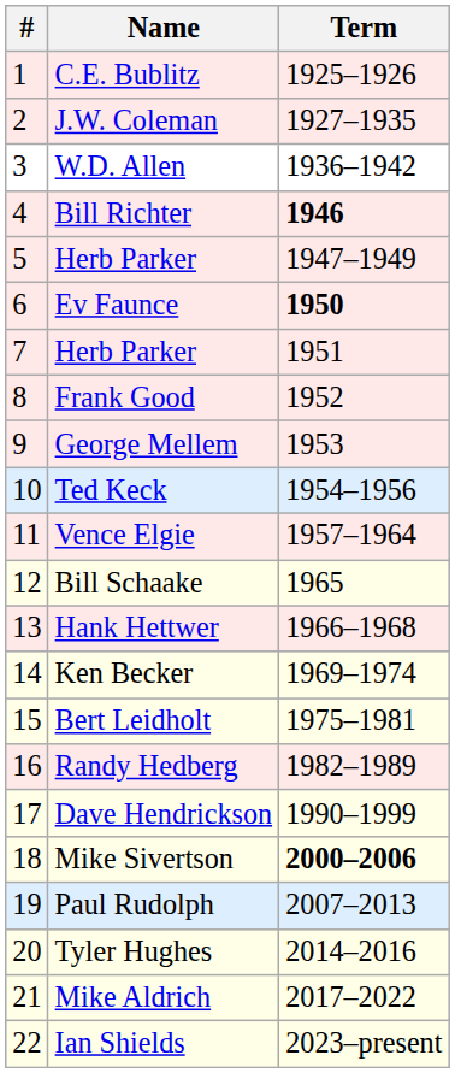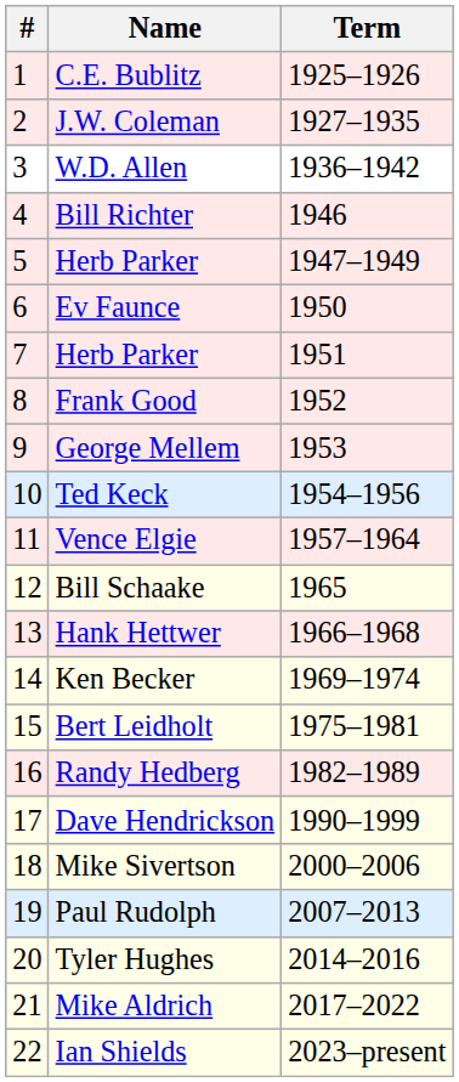 <table class=wikitable>
 <tr>
 <th>#</th>
 <th>Name</th>
 <th>Term</th>
 </tr>
 <tr bgcolor=#FFE8E8>
 <td>1</td>
 <td><a href='#'>C.E. Bublitz</a></td>
 <td>1925–1926</td>
 </tr>
 <tr bgcolor=#FFE8E8>
 <td>2</td>
 <td><a href='#'>J.W. Coleman</a></td>
 <td>1927–1935</td>
 </tr>
 <tr bgcolor=#FFFFFF>
 <td>3</td>
 <td><a href='#'>W.D. Allen</a></td>
 <td>1936–1942</td>
 </tr>
 <tr bgcolor=#FFE8E8>
 <td>4</td>
 <td><a href='#'>Bill Richter</a></td>
-<td><strong>1946</strong></td>
+<td>1946</td>
 </tr>
 <tr bgcolor=#FFE8E8>
 <td>5</td>
 <td><a href='#'>Herb Parker</a></td>
 <td>1947–1949</td>
 </tr>
 <tr bgcolor=#FFE8E8>
 <td>6</td>
 <td><a href='#'>Ev Faunce</a></td>
-<td><strong>1950</strong></td>
+<td>1950</td>
 </tr>
 <tr bgcolor=#FFE8E8>
 <td>7</td>
 <td><a href='#'>Herb Parker</a></td>
 <td>1951</td>
 </tr>
 <tr bgcolor=#FFE8E8>
 <td>8</td>
 <td><a href='#'>Frank Good</a></td>
 <td>1952</td>
 </tr>
 <tr bgcolor=#FFE8E8>
 <td>9</td>
 <td><a href='#'>George Mellem</a></td>
 <td>1953</td>
 </tr>
 <tr bgcolor=#DDEEFF>
 <td>10</td>
 <td><a href='#'>Ted Keck</a></td>
 <td>1954–1956</td>
 </tr>
 <tr bgcolor=#FFE8E8>
 <td>11</td>
 <td><a href='#'>Vence Elgie</a></td>
 <td>1957–1964</td>
 </tr>
 <tr bgcolor=#FFFFE8>
 <td>12</td>
 <td>Bill Schaake</td>
 <td>1965</td>
 </tr>
 <tr bgcolor=#FFE8E8>
 <td>13</td>
 <td><a href='#'>Hank Hettwer</a></td>
 <td>1966–1968</td>
 </tr>
 <tr bgcolor=#FFFFE8>
 <td>14</td>
 <td>Ken Becker</td>
 <td>1969–1974</td>
 </tr>
 <tr bgcolor=#FFFFE8>
 <td>15</td>
 <td><a href='#'>Bert Leidholt</a></td>
 <td>1975–1981</td>
 </tr>
 <tr bgcolor=#FFE8E8>
 <td>16</td>
 <td><a href='#'>Randy Hedberg</a></td>
 <td>1982–1989</td>
 </tr>
 <tr bgcolor=#FFFFE8>
 <td>17</td>
 <td><a href='#'>Dave Hendrickson</a></td>
 <td>1990–1999</td>
 </tr>
 <tr bgcolor=#FFFFE8>
 <td>18</td>
 <td>Mike Sivertson</td>
-<td><strong>2000–2006</strong></td>
+<td>2000–2006</td>
 </tr>
 <tr bgcolor=#DDEEFF>
 <td>19</td>
 <td>Paul Rudolph</td>
 <td>2007–2013</td>
 </tr>
 <tr bgcolor=#FFFFE8>
 <td>20</td>
 <td>Tyler Hughes</td>
 <td>2014–2016</td>
 </tr>
 <tr bgcolor=#FFFFE8>
 <td>21</td>
 <td><a href='#'>Mike Aldrich</a></td>
 <td>2017–2022</td>
 </tr>
 <tr bgcolor=#FFFFE8>
 <td>22</td>
 <td><a href='#'>Ian Shields</a></td>
 <td>2023–present</td>
 </tr>
 <tr bgcolor=#FFFFE8>
 </tr>
 </table>
